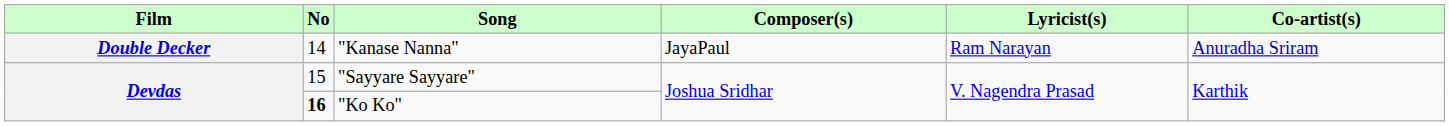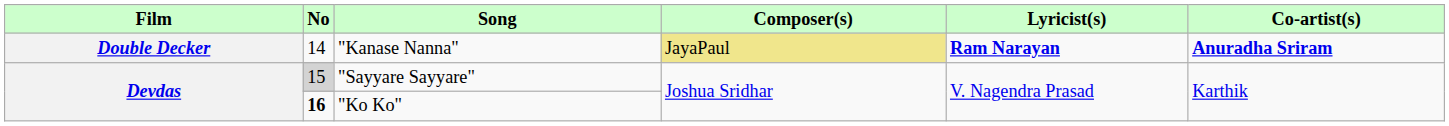 <table class="wikitable plainrowheaders" width="100%">
 <tr style="background:#cfc; text-align:center;">
 <td scope="col" width=21%><strong>Film</strong></td>
 <td><strong>No</strong></td>
 <td scope="col" width=23%><strong>Song</strong></td>
 <td scope="col" width=20%><strong>Composer(s)</strong></td>
 <td scope="col" width=17%><strong>Lyricist(s)</strong></td>
 <td scope="col" width=18%><strong>Co-artist(s)</strong></td>
 </tr>
 <tr>
 <th><em><a href='#'>Double Decker</a></em></th>
 <td>14</td>
 <td>"Kanase Nanna"</td>
-<td>JayaPaul</td>
-<td><a href='#'>Ram Narayan</a></td>
-<td><a href='#'>Anuradha Sriram</a></td>
+<td style="background: khaki;">JayaPaul</td>
+<td><strong><a href='#'>Ram Narayan</a></strong></td>
+<td><strong><a href='#'>Anuradha Sriram</a></strong></td>
 </tr>
 <tr>
 <th rowspan="2"><em><a href='#'>Devdas</a></em></th>
-<td>15</td>
+<td style="background: lightgrey;">15</td>
 <td>"Sayyare Sayyare"</td>
 <td rowspan="2"><a href='#'>Joshua Sridhar</a></td>
 <td rowspan="2"><a href='#'>V. Nagendra Prasad</a></td>
 <td rowspan="2"><a href='#'>Karthik</a></td>
 </tr>
 <tr>
 <td><strong>16</strong></td>
 <td>"Ko Ko"</td>
 </tr>
 </table>
